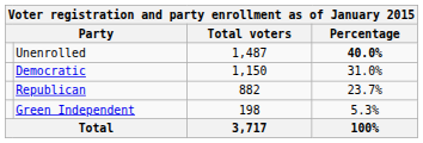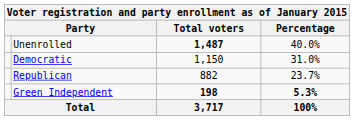 <table class=wikitable>
 <tr>
 <th colspan = 6>Voter registration and party enrollment as of January 2015</th>
 </tr>
 <tr>
 <th colspan = 2>Party</th>
 <th>Total voters</th>
 <th>Percentage</th>
 </tr>
 <tr>
 <td></td>
 <td>Unenrolled</td>
-<td align = center>1,487</td>
-<td align = center><strong>40.0%</strong></td>
+<td align = center><strong>1,487</strong></td>
+<td align = center>40.0%</td>
 </tr>
 <tr>
 <td></td>
 <td><a href='#'>Democratic</a></td>
 <td align = center>1,150</td>
 <td align = center>31.0%</td>
 </tr>
 <tr>
 <td></td>
 <td><a href='#'>Republican</a></td>
 <td align = center>882</td>
 <td align = center>23.7%</td>
 </tr>
 <tr>
 <td></td>
 <td><a href='#'>Green Independent</a></td>
-<td align = center>198</td>
-<td align = center>5.3%</td>
+<td align = center><strong>198</strong></td>
+<td align = center><strong>5.3%</strong></td>
 </tr>
 <tr>
 <th colspan = 2>Total</th>
 <th align = center>3,717</th>
 <th align = center>100%</th>
 </tr>
 </table>
